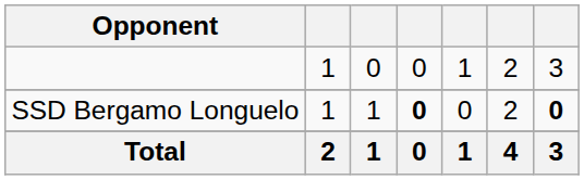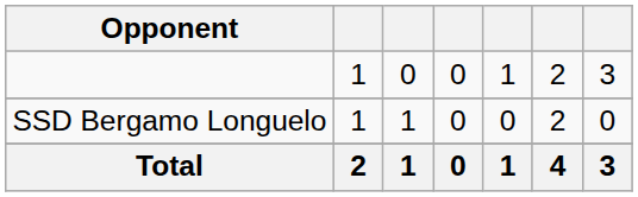 <table class="wikitable">
 <tr align=center>
 <th>Opponent</th>
 <th width=20></th>
 <th width=20></th>
 <th width=20></th>
 <th width=20></th>
 <th width=20></th>
 <th width=20></th>
 </tr>
 <tr align=center>
 <td align=left></td>
 <td>1</td>
 <td>0</td>
 <td>0</td>
 <td>1</td>
 <td>2</td>
 <td>3</td>
 </tr>
 <tr>
 </tr>
 <tr align=center>
 <td align=left>SSD Bergamo Longuelo</td>
 <td>1</td>
 <td>1</td>
-<td><strong>0</strong></td>
+<td>0</td>
 <td>0</td>
 <td>2</td>
-<td><strong>0</strong></td>
+<td>0</td>
 </tr>
 <tr align=center>
 </tr>
 <tr>
 <th>Total</th>
 <th>2</th>
 <th>1</th>
 <th>0</th>
 <th>1</th>
 <th>4</th>
 <th>3</th>
 </tr>
 </table>
